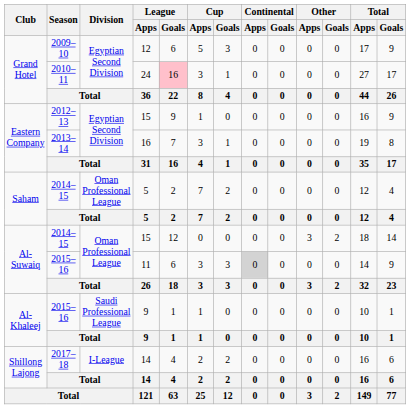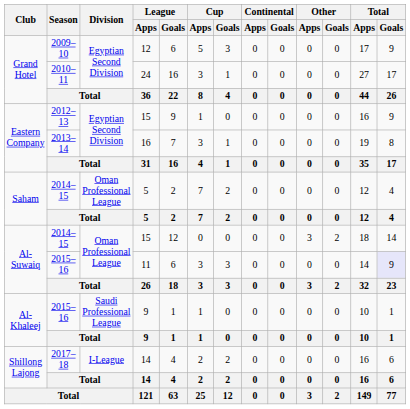 <table class="wikitable" style="text-align: center;">
 <tr>
 <th rowspan="2">Club</th>
 <th rowspan="2">Season</th>
 <th rowspan="2">Division</th>
 <th colspan="2">League</th>
 <th colspan="2">Cup</th>
 <th colspan="2">Continental</th>
 <th colspan="2">Other</th>
 <th colspan="2">Total</th>
 </tr>
 <tr>
 <th>Apps</th>
 <th>Goals</th>
 <th>Apps</th>
 <th>Goals</th>
 <th>Apps</th>
 <th>Goals</th>
 <th>Apps</th>
 <th>Goals</th>
 <th>Apps</th>
 <th>Goals</th>
 </tr>
 <tr>
 <td rowspan="3"><a href='#'>Grand Hotel</a></td>
 <td><a href='#'>2009–10</a></td>
 <td rowspan="2"><a href='#'>Egyptian Second Division</a></td>
 <td>12</td>
 <td>6</td>
 <td>5</td>
 <td>3</td>
 <td>0</td>
 <td>0</td>
 <td>0</td>
 <td>0</td>
 <td>17</td>
 <td>9</td>
 </tr>
 <tr>
 <td><a href='#'>2010–11</a></td>
 <td>24</td>
-<td style="background: pink;">16</td>
+<td>16</td>
 <td>3</td>
 <td>1</td>
 <td>0</td>
 <td>0</td>
 <td>0</td>
 <td>0</td>
 <td>27</td>
 <td>17</td>
 </tr>
 <tr>
 <th colspan="2">Total</th>
 <th>36</th>
 <th>22</th>
 <th>8</th>
 <th>4</th>
 <th>0</th>
 <th>0</th>
 <th>0</th>
 <th>0</th>
 <th>44</th>
 <th>26</th>
 </tr>
 <tr>
 <td rowspan="3"><a href='#'>Eastern Company</a></td>
 <td><a href='#'>2012–13</a></td>
 <td rowspan="2"><a href='#'>Egyptian Second Division</a></td>
 <td>15</td>
 <td>9</td>
 <td>1</td>
 <td>0</td>
 <td>0</td>
 <td>0</td>
 <td>0</td>
 <td>0</td>
 <td>16</td>
 <td>9</td>
 </tr>
 <tr>
 <td><a href='#'>2013–14</a></td>
 <td>16</td>
 <td>7</td>
 <td>3</td>
 <td>1</td>
 <td>0</td>
 <td>0</td>
 <td>0</td>
 <td>0</td>
 <td>19</td>
 <td>8</td>
 </tr>
 <tr>
 <th colspan="2">Total</th>
 <th>31</th>
 <th>16</th>
 <th>4</th>
 <th>1</th>
 <th>0</th>
 <th>0</th>
 <th>0</th>
 <th>0</th>
 <th>35</th>
 <th>17</th>
 </tr>
 <tr>
 <td rowspan="2"><a href='#'>Saham</a></td>
 <td><a href='#'>2014–15</a></td>
 <td rowspan="1"><a href='#'>Oman Professional League</a></td>
 <td>5</td>
 <td>2</td>
 <td>7</td>
 <td>2</td>
 <td>0</td>
 <td>0</td>
 <td>0</td>
 <td>0</td>
 <td>12</td>
 <td>4</td>
 </tr>
 <tr>
 <th colspan="2">Total</th>
 <th>5</th>
 <th>2</th>
 <th>7</th>
 <th>2</th>
 <th>0</th>
 <th>0</th>
 <th>0</th>
 <th>0</th>
 <th>12</th>
 <th>4</th>
 </tr>
 <tr>
 <td rowspan="3"><a href='#'>Al-Suwaiq</a></td>
 <td><a href='#'>2014–15</a></td>
 <td rowspan="2"><a href='#'>Oman Professional League</a></td>
 <td>15</td>
 <td>12</td>
 <td>0</td>
 <td>0</td>
 <td>0</td>
 <td>0</td>
 <td>3</td>
 <td>2</td>
 <td>18</td>
 <td>14</td>
 </tr>
 <tr>
 <td><a href='#'>2015–16</a></td>
 <td>11</td>
 <td>6</td>
 <td>3</td>
 <td>3</td>
-<td style="background: lightgrey;">0</td>
+<td>0</td>
 <td>0</td>
 <td>0</td>
 <td>0</td>
 <td>14</td>
-<td>9</td>
+<td style="background: lavender;">9</td>
 </tr>
 <tr>
 <th colspan="2">Total</th>
 <th>26</th>
 <th>18</th>
 <th>3</th>
 <th>3</th>
 <th>0</th>
 <th>0</th>
 <th>3</th>
 <th>2</th>
 <th>32</th>
 <th>23</th>
 </tr>
 <tr>
 <td rowspan="2"><a href='#'>Al-Khaleej</a></td>
 <td><a href='#'>2015–16</a></td>
 <td rowspan="1"><a href='#'>Saudi Professional League</a></td>
 <td>9</td>
 <td>1</td>
 <td>1</td>
 <td>0</td>
 <td>0</td>
 <td>0</td>
 <td>0</td>
 <td>0</td>
 <td>10</td>
 <td>1</td>
 </tr>
 <tr>
 <th colspan="2">Total</th>
 <th>9</th>
 <th>1</th>
 <th>1</th>
 <th>0</th>
 <th>0</th>
 <th>0</th>
 <th>0</th>
 <th>0</th>
 <th>10</th>
 <th>1</th>
 </tr>
 <tr>
 <td rowspan="2"><a href='#'>Shillong Lajong</a></td>
 <td><a href='#'>2017–18</a></td>
 <td rowspan="1"><a href='#'>I-League</a></td>
 <td>14</td>
 <td>4</td>
 <td>2</td>
 <td>2</td>
 <td>0</td>
 <td>0</td>
 <td>0</td>
 <td>0</td>
 <td>16</td>
 <td>6</td>
 </tr>
 <tr>
 <th colspan="2">Total</th>
 <th>14</th>
 <th>4</th>
 <th>2</th>
 <th>2</th>
 <th>0</th>
 <th>0</th>
 <th>0</th>
 <th>0</th>
 <th>16</th>
 <th>6 </th>
 </tr>
 <tr>
 <th colspan="3">Total</th>
 <th>121</th>
 <th>63</th>
 <th>25</th>
 <th>12</th>
 <th>0</th>
 <th>0</th>
 <th>3</th>
 <th>2</th>
 <th>149</th>
 <th>77</th>
 </tr>
 </table>
